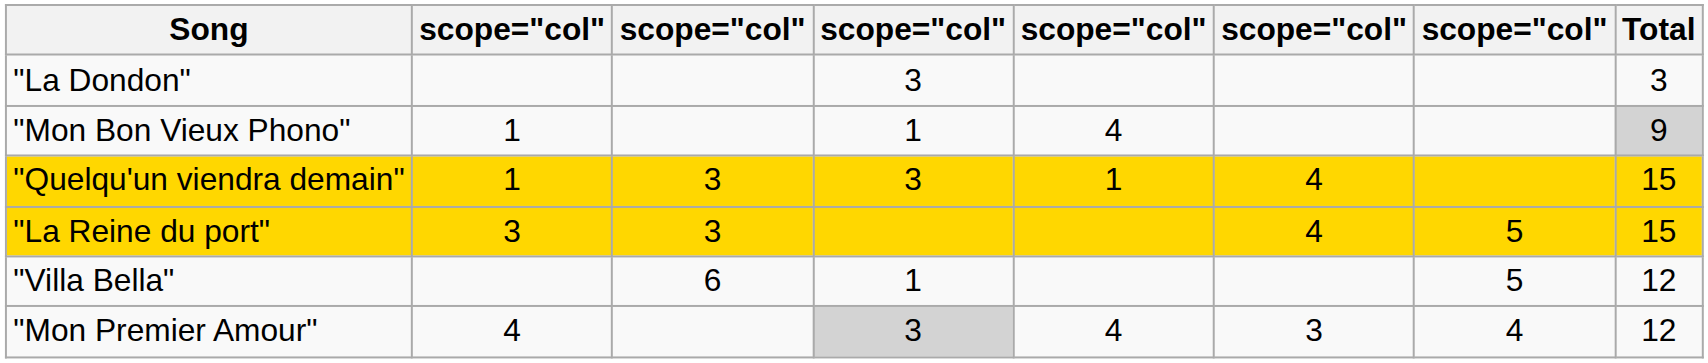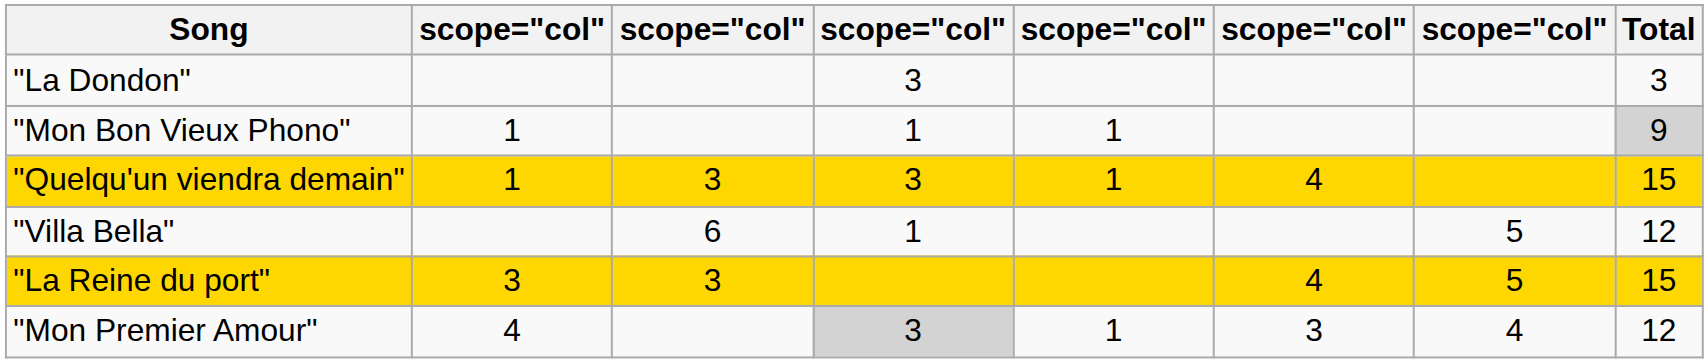 <table class="wikitable plainrowheaders" style="margin: 1em auto 1em auto; text-align:center;">
 <tr>
 <th scope="col">Song</th>
 <th>scope="col" </th>
 <th>scope="col" </th>
 <th>scope="col" </th>
 <th>scope="col" </th>
 <th>scope="col" </th>
 <th>scope="col" </th>
 <th scope="col">Total</th>
 </tr>
 <tr>
 <td align="left">"La Dondon"</td>
 <td></td>
 <td></td>
 <td>3</td>
 <td></td>
 <td></td>
 <td></td>
 <td>3</td>
 </tr>
 <tr>
 <td align="left">"Mon Bon Vieux Phono"</td>
 <td>1</td>
 <td></td>
 <td>1</td>
-<td>4</td>
+<td>1</td>
 <td></td>
 <td></td>
 <td style="background: lightgrey;">9</td>
 </tr>
 <tr style="background:gold">
 <td align="left">"Quelqu'un viendra demain"</td>
 <td>1</td>
 <td>3</td>
 <td>3</td>
 <td>1</td>
 <td>4</td>
 <td></td>
 <td>15</td>
 </tr>
+<tr>
+<td align="left">"Villa Bella"</td>
+<td></td>
+<td>6</td>
+<td>1</td>
+<td></td>
+<td></td>
+<td>5</td>
+<td>12</td>
+</tr>
 <tr style="background:gold">
 <td align="left">"La Reine du port"</td>
 <td>3</td>
 <td>3</td>
 <td></td>
 <td></td>
 <td>4</td>
 <td>5</td>
 <td>15</td>
 </tr>
 <tr>
-<td align="left">"Villa Bella"</td>
-<td></td>
-<td>6</td>
-<td>1</td>
-<td></td>
-<td></td>
-<td>5</td>
-<td>12</td>
-</tr>
-<tr>
 <td align="left">"Mon Premier Amour"</td>
 <td>4</td>
 <td></td>
 <td style="background: lightgrey;">3</td>
-<td>4</td>
+<td>1</td>
 <td>3</td>
 <td>4</td>
 <td>12</td>
 </tr>
 </table>
